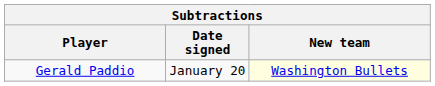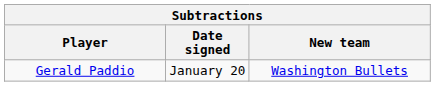 <table class="wikitable" style="text-align:center">
 <tr>
 <th colspan=3>Subtractions</th>
 </tr>
 <tr>
 <th style="width:160px">Player</th>
 <th style="width:80px">Date signed</th>
 <th style="width:180px">New team</th>
 </tr>
 <tr>
 <td><a href='#'>Gerald Paddio</a></td>
 <td>January 20</td>
-<td style="background: lightyellow;"><a href='#'>Washington Bullets</a></td>
+<td><a href='#'>Washington Bullets</a></td>
 </tr>
 </table>
